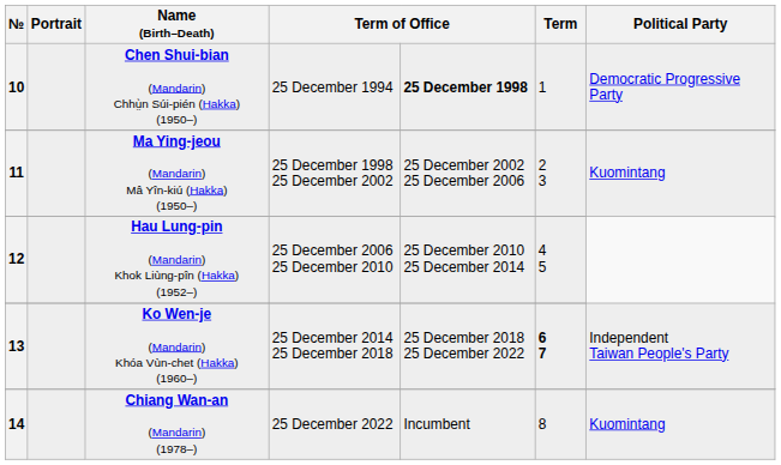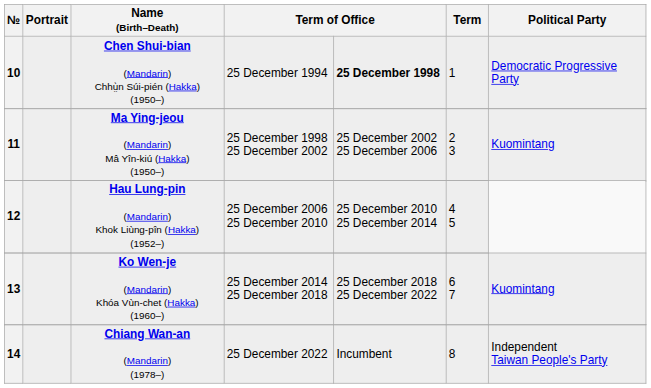 <table class=wikitable>
 <tr>
 <th>№</th>
 <th>Portrait</th>
 <th width="200">Name<br><small>(Birth–Death)</small></th>
 <th colspan=2 width="300">Term of Office</th>
 <th width = "50">Term</th>
 <th>Political Party</th>
 </tr>
 <tr - bgcolor=#EEEEEE>
 <th style="background:">10</th>
 <td></td>
 <td align=center><strong><a href='#'>Chen Shui-bian</a></strong> <br><br><small> (<a href='#'>Mandarin</a>)<br>Chhṳ̀n Súi-pién (<a href='#'>Hakka</a>)<br>(1950–)</small></td>
 <td>25 December 1994</td>
 <td><strong>25 December 1998</strong></td>
 <td>1</td>
 <td><a href='#'>Democratic Progressive Party</a></td>
 </tr>
 <tr ->
 </tr>
 <tr - bgcolor=#EEEEEE>
 <th style="background:">11</th>
 <td></td>
 <td align="center"><strong><a href='#'>Ma Ying-jeou</a></strong><br><br><small> (<a href='#'>Mandarin</a>)<br>Mâ Yîn-kiú (<a href='#'>Hakka</a>)<br>(1950–)</small></td>
 <td>25 December 1998<br>25 December 2002</td>
 <td>25 December 2002<br>25 December 2006</td>
 <td>2<br>3</td>
 <td rowspan=2><a href='#'>Kuomintang</a></td>
 </tr>
 <tr ->
 </tr>
 <tr - bgcolor=#EEEEEE>
 <th style="background:">12</th>
 <td></td>
 <td align="center"><strong><a href='#'>Hau Lung-pin</a></strong><br><br><small> (<a href='#'>Mandarin</a>)<br>Khok Liùng-pîn (<a href='#'>Hakka</a>)<br>(1952–)</small></td>
 <td>25 December 2006<br>25 December 2010</td>
 <td>25 December 2010<br>25 December 2014</td>
 <td>4<br>5</td>
 </tr>
 <tr ->
 </tr>
 <tr - bgcolor=#EEEEEE>
 <th style="background:">13</th>
 <td align="center"></td>
 <td align="center"><strong><a href='#'>Ko Wen-je</a></strong> <br><br><small> (<a href='#'>Mandarin</a>)<br>Khóa Vùn-chet (<a href='#'>Hakka</a>)<br>(1960–)</small></td>
 <td>25 December 2014<br>25 December 2018</td>
 <td>25 December 2018<br>25 December 2022</td>
-<td><strong>6<br>7</strong></td>
-<td>Independent<br><a href='#'>Taiwan People's Party</a></td>
+<td>6<br>7</td>
+<td><a href='#'>Kuomintang</a></td>
 </tr>
 <tr ->
 </tr>
 <tr - bgcolor=#EEEEEE>
 <th style="background:">14</th>
 <td align="center"></td>
 <td align="center"><strong><a href='#'>Chiang Wan-an</a></strong> <br><br><small> (<a href='#'>Mandarin</a>)<br>(1978–)</small></td>
 <td>25 December 2022</td>
 <td>Incumbent</td>
 <td>8</td>
-<td><a href='#'>Kuomintang</a></td>
+<td>Independent<br><a href='#'>Taiwan People's Party</a></td>
 </tr>
 </table>
